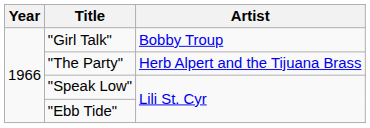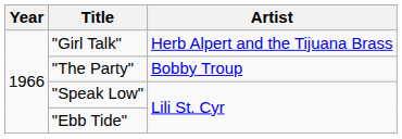 <table class="wikitable">
 <tr>
 <th>Year</th>
 <th>Title</th>
 <th>Artist</th>
 </tr>
 <tr>
 <td rowspan="4">1966</td>
 <td>"Girl Talk"</td>
-<td><a href='#'>Bobby Troup</a></td>
+<td><a href='#'>Herb Alpert and the Tijuana Brass</a></td>
 </tr>
 <tr>
 <td>"The Party"</td>
-<td><a href='#'>Herb Alpert and the Tijuana Brass</a></td>
+<td><a href='#'>Bobby Troup</a></td>
 </tr>
 <tr>
 <td>"Speak Low"</td>
 <td rowspan="2"><a href='#'>Lili St. Cyr</a></td>
 </tr>
 <tr>
 <td>"Ebb Tide"</td>
 </tr>
 </table>
